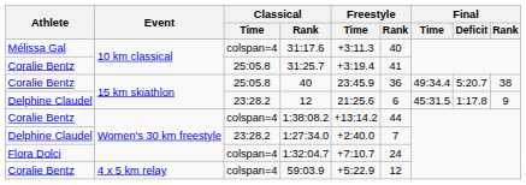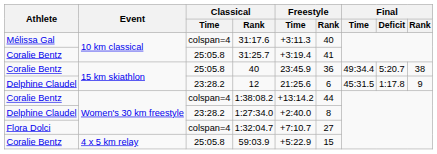 <table class="wikitable" style="font-size:90%">
 <tr>
 <th rowspan=2>Athlete</th>
 <th rowspan=2>Event</th>
 <th colspan=2>Classical</th>
 <th colspan=2>Freestyle</th>
 <th colspan=3>Final</th>
 </tr>
 <tr style="font-size: 95%">
 <th>Time</th>
 <th>Rank</th>
 <th>Time</th>
 <th>Rank</th>
 <th>Time</th>
 <th>Deficit</th>
 <th>Rank</th>
 </tr>
 <tr align=center>
 <td align=left><a href='#'>Mélissa Gal</a></td>
 <td align=left rowspan=2><a href='#'>10 km classical</a></td>
 <td>colspan=4 </td>
 <td>31:17.6</td>
 <td>+3:11.3</td>
 <td>40</td>
 </tr>
 <tr align=center>
 <td align=left><a href='#'>Coralie Bentz</a></td>
 <td>25:05.8</td>
 <td>31:25.7</td>
 <td>+3:19.4</td>
 <td>41</td>
 </tr>
 <tr align=center>
 <td align=left><a href='#'>Coralie Bentz</a></td>
 <td align=left rowspan=2><a href='#'>15 km skiathlon</a></td>
 <td>25:05.8</td>
 <td>40</td>
 <td>23:45.9</td>
 <td>36</td>
 <td>49:34.4</td>
 <td>5:20.7</td>
 <td>38</td>
 </tr>
 <tr align=center>
 <td align=left><a href='#'>Delphine Claudel</a></td>
 <td>23:28.2</td>
 <td>12</td>
 <td>21:25.6</td>
 <td>6</td>
 <td>45:31.5</td>
 <td>1:17.8</td>
 <td>9</td>
 </tr>
 <tr align=center>
 <td align=left><a href='#'>Coralie Bentz</a></td>
 <td align=left rowspan=3><a href='#'>Women's 30 km freestyle</a></td>
 <td>colspan=4 </td>
 <td>1:38:08.2</td>
 <td>+13:14.2</td>
 <td>44</td>
 </tr>
 <tr align=center>
 <td align=left><a href='#'>Delphine Claudel</a></td>
 <td>23:28.2</td>
 <td>1:27:34.0</td>
 <td>+2:40.0</td>
-<td>7</td>
+<td>8</td>
 </tr>
 <tr align=center>
 <td align=left><a href='#'>Flora Dolci</a></td>
 <td>colspan=4 </td>
 <td>1:32:04.7</td>
 <td>+7:10.7</td>
-<td>24</td>
+<td>27</td>
 </tr>
 <tr align=center>
 <td align=left><a href='#'>Coralie Bentz</a></td>
 <td align=left><a href='#'>4 x 5 km relay</a></td>
-<td>colspan=4 </td>
+<td>25:05.8</td>
 <td>59:03.9</td>
 <td>+5:22.9</td>
-<td>12</td>
+<td>15</td>
 </tr>
 </table>
